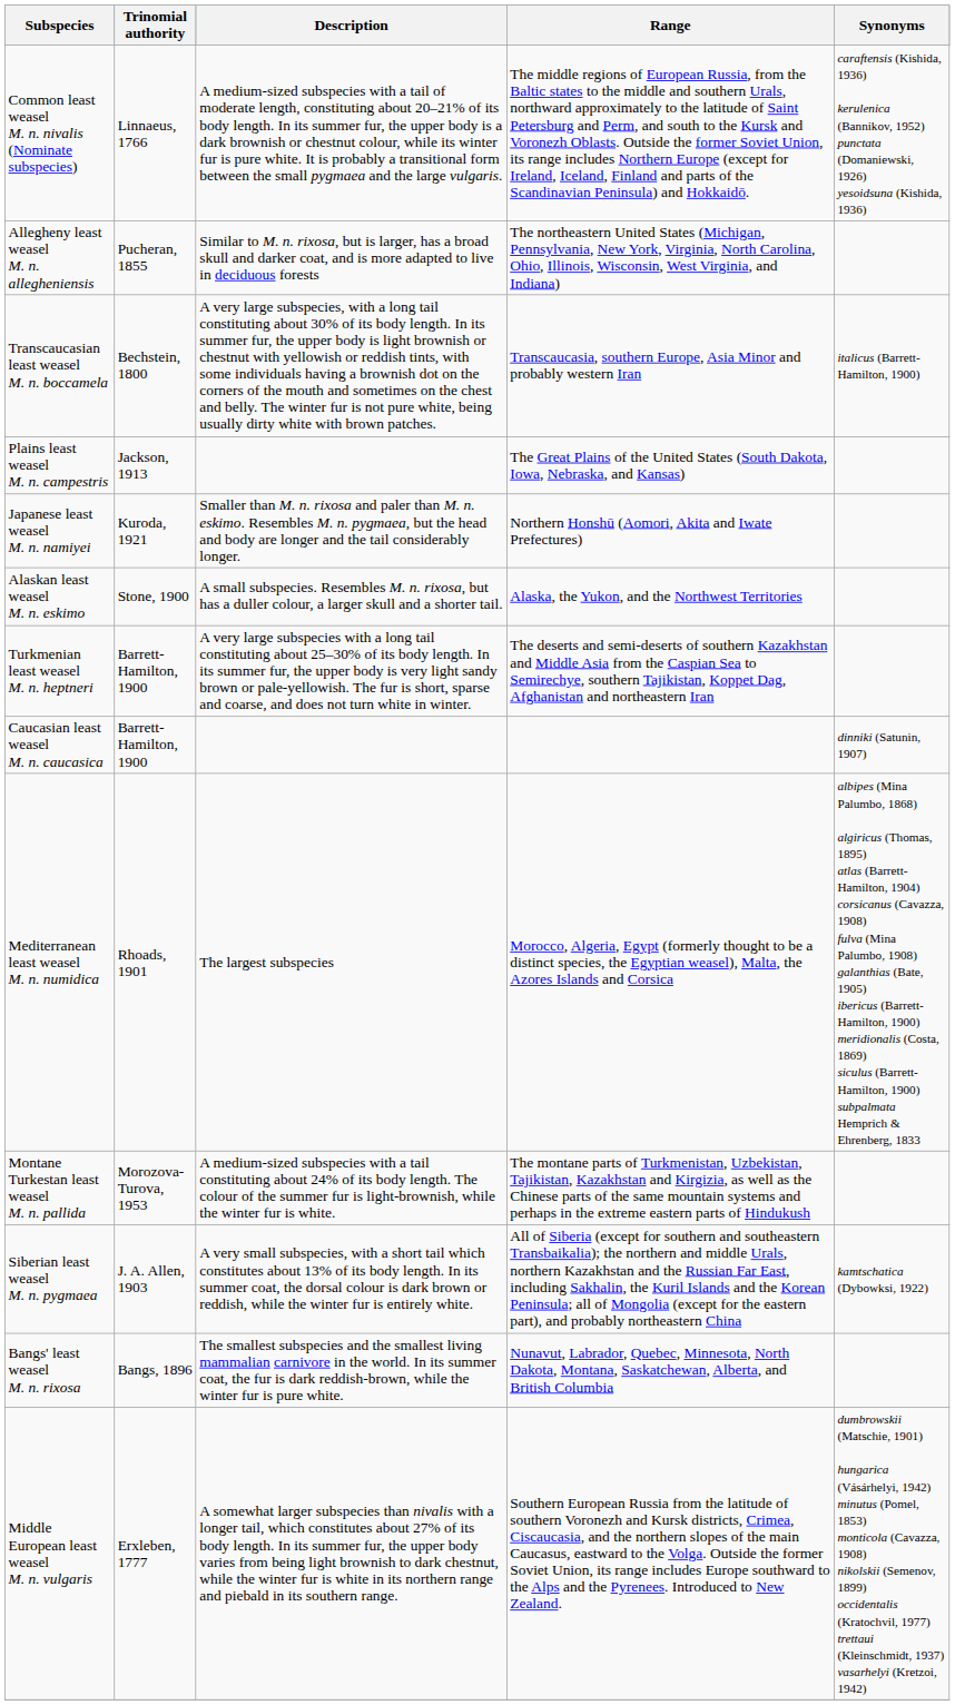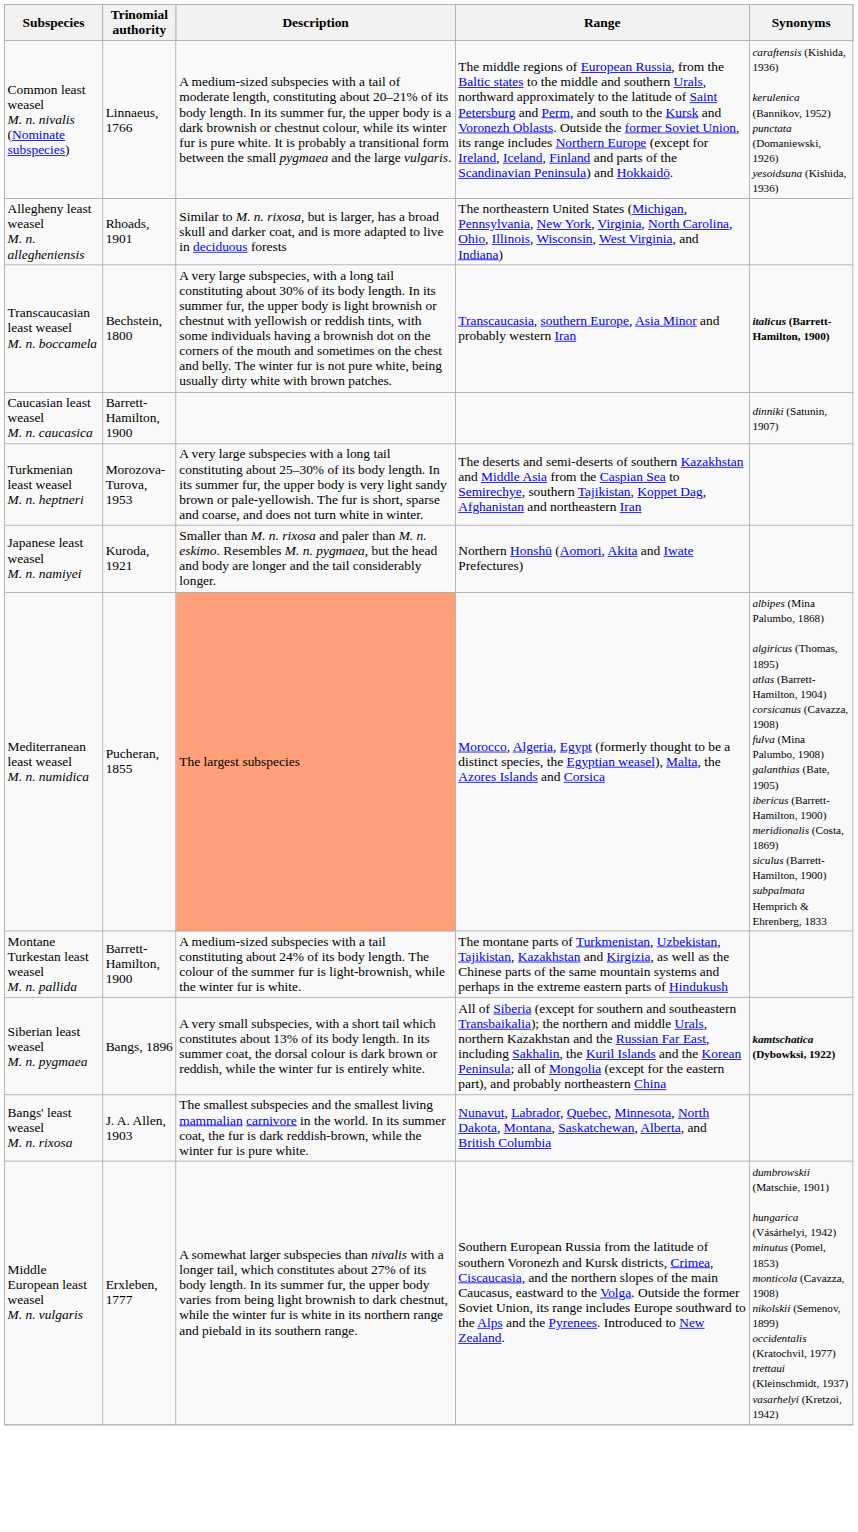 <table class="wikitable" width=80% font=90%>
 <tr bgcolor="#115a6c">
 <th>Subspecies</th>
 <th>Trinomial authority</th>
 <th>Description</th>
 <th>Range</th>
 <th>Synonyms</th>
 </tr>
 <tr --->
 <td>Common least weasel<br><em>M. n. nivalis</em><br>(<a href='#'>Nominate subspecies</a>) </td>
 <td>Linnaeus, 1766</td>
 <td>A medium-sized subspecies with a tail of moderate length, constituting about 20–21% of its body length. In its summer fur, the upper body is a dark brownish or chestnut colour, while its winter fur is pure white. It is probably a transitional form between the small <em>pygmaea</em> and the large <em>vulgaris</em>.</td>
 <td>The middle regions of <a href='#'>European Russia</a>, from the <a href='#'>Baltic states</a> to the middle and southern <a href='#'>Urals</a>, northward approximately to the latitude of <a href='#'>Saint Petersburg</a> and <a href='#'>Perm</a>, and south to the <a href='#'>Kursk</a> and <a href='#'>Voronezh Oblasts</a>. Outside the <a href='#'>former Soviet Union</a>, its range includes <a href='#'>Northern Europe</a> (except for <a href='#'>Ireland</a>, <a href='#'>Iceland</a>, <a href='#'>Finland</a> and parts of the <a href='#'>Scandinavian Peninsula</a>) and <a href='#'>Hokkaidō</a>.</td>
 <td><small><em>caraftensis</em> (Kishida, 1936)</small><br><br><small><em>kerulenica</em> (Bannikov, 1952)</small><br> <small><em>punctata</em> (Domaniewski, 1926)</small><br> <small><em>yesoidsuna</em> (Kishida, 1936)</small></td>
 </tr>
 <tr --->
 <td>Allegheny least weasel<br><em>M. n. allegheniensis</em></td>
-<td>Pucheran, 1855</td>
+<td>Rhoads, 1901</td>
 <td>Similar to <em>M. n. rixosa</em>, but is larger, has a broad skull and darker coat, and is more adapted to live in <a href='#'>deciduous</a> forests</td>
 <td>The northeastern United States (<a href='#'>Michigan</a>, <a href='#'>Pennsylvania</a>, <a href='#'>New York</a>, <a href='#'>Virginia</a>, <a href='#'>North Carolina</a>, <a href='#'>Ohio</a>, <a href='#'>Illinois</a>, <a href='#'>Wisconsin</a>, <a href='#'>West Virginia</a>, and <a href='#'>Indiana</a>)</td>
 <td></td>
 </tr>
 <tr --->
 <td>Transcaucasian least weasel<br><em>M. n. boccamela</em><br></td>
 <td>Bechstein, 1800</td>
 <td>A very large subspecies, with a long tail constituting about 30% of its body length. In its summer fur, the upper body is light brownish or chestnut with yellowish or reddish tints, with some individuals having a brownish dot on the corners of the mouth and sometimes on the chest and belly. The winter fur is not pure white, being usually dirty white with brown patches.</td>
 <td><a href='#'>Transcaucasia</a>, <a href='#'>southern Europe</a>, <a href='#'>Asia Minor</a> and probably western <a href='#'>Iran</a></td>
-<td><small><em>italicus</em> (Barrett-Hamilton, 1900)</small></td>
+<td><strong><small><em>italicus</em> (Barrett-Hamilton, 1900)</small></strong></td>
 </tr>
 <tr --->
-<td>Plains least weasel<br><em>M. n. campestris</em></td>
-<td>Jackson, 1913</td>
+<td>Caucasian least weasel<br><em>M. n. caucasica</em></td>
+<td>Barrett-Hamilton, 1900</td>
 <td></td>
-<td>The <a href='#'>Great Plains</a> of the United States (<a href='#'>South Dakota</a>, <a href='#'>Iowa</a>, <a href='#'>Nebraska</a>, and <a href='#'>Kansas</a>)</td>
+<td></td>
+<td><small><em>dinniki</em> (Satunin, 1907)</small></td>
+</tr>
+<tr --->
+<td>Turkmenian least weasel<br><em>M. n. heptneri</em></td>
+<td>Morozova-Turova, 1953</td>
+<td>A very large subspecies with a long tail constituting about 25–30% of its body length. In its summer fur, the upper body is very light sandy brown or pale-yellowish. The fur is short, sparse and coarse, and does not turn white in winter.</td>
+<td>The deserts and semi-deserts of southern <a href='#'>Kazakhstan</a> and <a href='#'>Middle Asia</a> from the <a href='#'>Caspian Sea</a> to <a href='#'>Semirechye</a>, southern <a href='#'>Tajikistan</a>, <a href='#'>Koppet Dag</a>, <a href='#'>Afghanistan</a> and northeastern <a href='#'>Iran</a></td>
 <td></td>
 </tr>
 <tr --->
 <td>Japanese least weasel<br><em>M. n. namiyei</em></td>
 <td>Kuroda, 1921</td>
 <td>Smaller than <em>M. n. rixosa</em> and paler than <em>M. n. eskimo</em>. Resembles <em>M. n. pygmaea</em>, but the head and body are longer and the tail considerably longer.</td>
 <td>Northern <a href='#'>Honshū</a> (<a href='#'>Aomori</a>, <a href='#'>Akita</a> and <a href='#'>Iwate</a> Prefectures)</td>
 <td></td>
 </tr>
 <tr --->
-<td>Alaskan least weasel<br><em>M. n. eskimo</em></td>
-<td>Stone, 1900</td>
-<td>A small subspecies. Resembles <em>M. n. rixosa</em>, but has a duller colour, a larger skull and a shorter tail.</td>
-<td><a href='#'>Alaska</a>, the <a href='#'>Yukon</a>, and the <a href='#'>Northwest Territories</a></td>
-<td></td>
-</tr>
-<tr --->
-<td>Turkmenian least weasel<br><em>M. n. heptneri</em></td>
-<td>Barrett-Hamilton, 1900</td>
-<td>A very large subspecies with a long tail constituting about 25–30% of its body length. In its summer fur, the upper body is very light sandy brown or pale-yellowish. The fur is short, sparse and coarse, and does not turn white in winter.</td>
-<td>The deserts and semi-deserts of southern <a href='#'>Kazakhstan</a> and <a href='#'>Middle Asia</a> from the <a href='#'>Caspian Sea</a> to <a href='#'>Semirechye</a>, southern <a href='#'>Tajikistan</a>, <a href='#'>Koppet Dag</a>, <a href='#'>Afghanistan</a> and northeastern <a href='#'>Iran</a></td>
-<td></td>
-</tr>
-<tr --->
-<td>Caucasian least weasel<br><em>M. n. caucasica</em></td>
-<td>Barrett-Hamilton, 1900</td>
-<td></td>
-<td></td>
-<td><small><em>dinniki</em> (Satunin, 1907)</small></td>
-</tr>
-<tr --->
 <td>Mediterranean least weasel<br><em>M. n. numidica</em><br></td>
-<td>Rhoads, 1901</td>
-<td>The largest subspecies</td>
+<td>Pucheran, 1855</td>
+<td style="background: lightsalmon;">The largest subspecies</td>
 <td><a href='#'>Morocco</a>, <a href='#'>Algeria</a>, <a href='#'>Egypt</a> (formerly thought to be a distinct species, the <a href='#'>Egyptian weasel</a>), <a href='#'>Malta</a>, the <a href='#'>Azores Islands</a> and <a href='#'>Corsica</a></td>
 <td><small><em>albipes</em> (Mina Palumbo, 1868)</small><br><br><small><em>algiricus</em> (Thomas, 1895)</small><br> <small><em>atlas</em> (Barrett-Hamilton, 1904)</small><br> <small><em>corsicanus</em> (Cavazza, 1908)</small><br> <small><em>fulva</em> (Mina Palumbo, 1908)</small><br> <small><em>galanthias</em> (Bate, 1905)</small><br> <small><em>ibericus</em> (Barrett-Hamilton, 1900)</small><br> <small><em>meridionalis</em> (Costa, 1869)</small><br> <small><em>siculus</em> (Barrett-Hamilton, 1900)</small> <small><em>subpalmata</em> Hemprich & Ehrenberg, 1833</small></td>
 </tr>
 <tr --->
 <td>Montane Turkestan least weasel<br><em>M. n. pallida</em></td>
-<td>Morozova-Turova, 1953</td>
+<td>Barrett-Hamilton, 1900</td>
 <td>A medium-sized subspecies with a tail constituting about 24% of its body length. The colour of the summer fur is light-brownish, while the winter fur is white.</td>
 <td>The montane parts of <a href='#'>Turkmenistan</a>, <a href='#'>Uzbekistan</a>, <a href='#'>Tajikistan</a>, <a href='#'>Kazakhstan</a> and <a href='#'>Kirgizia</a>, as well as the Chinese parts of the same mountain systems and perhaps in the extreme eastern parts of <a href='#'>Hindukush</a></td>
 <td></td>
 </tr>
 <tr --->
 <td>Siberian least weasel<br><em>M. n. pygmaea</em></td>
-<td>J. A. Allen, 1903</td>
+<td>Bangs, 1896</td>
 <td>A very small subspecies, with a short tail which constitutes about 13% of its body length. In its summer coat, the dorsal colour is dark brown or reddish, while the winter fur is entirely white.</td>
 <td>All of <a href='#'>Siberia</a> (except for southern and southeastern <a href='#'>Transbaikalia</a>); the northern and middle <a href='#'>Urals</a>, northern Kazakhstan and the <a href='#'>Russian Far East</a>, including <a href='#'>Sakhalin</a>, the <a href='#'>Kuril Islands</a> and the <a href='#'>Korean Peninsula</a>; all of <a href='#'>Mongolia</a> (except for the eastern part), and probably northeastern <a href='#'>China</a></td>
-<td><small><em>kamtschatica</em> (Dybowksi, 1922)</small></td>
+<td><strong><small><em>kamtschatica</em> (Dybowksi, 1922)</small></strong></td>
 </tr>
 <tr --->
 <td>Bangs' least weasel<br><em>M. n. rixosa</em><br></td>
-<td>Bangs, 1896</td>
+<td>J. A. Allen, 1903</td>
 <td>The smallest subspecies and the smallest living <a href='#'>mammalian</a> <a href='#'>carnivore</a> in the world. In its summer coat, the fur is dark reddish-brown, while the winter fur is pure white.</td>
 <td><a href='#'>Nunavut</a>, <a href='#'>Labrador</a>, <a href='#'>Quebec</a>, <a href='#'>Minnesota</a>, <a href='#'>North Dakota</a>, <a href='#'>Montana</a>, <a href='#'>Saskatchewan</a>, <a href='#'>Alberta</a>, and <a href='#'>British Columbia</a></td>
 <td></td>
 </tr>
 <tr --->
 <td>Middle European least weasel<br><em>M. n. vulgaris</em></td>
 <td>Erxleben, 1777</td>
 <td>A somewhat larger subspecies than <em>nivalis</em> with a longer tail, which constitutes about 27% of its body length. In its summer fur, the upper body varies from being light brownish to dark chestnut, while the winter fur is white in its northern range and piebald in its southern range.</td>
 <td>Southern European Russia from the latitude of southern Voronezh and Kursk districts, <a href='#'>Crimea</a>, <a href='#'>Ciscaucasia</a>, and the northern slopes of the main Caucasus, eastward to the <a href='#'>Volga</a>. Outside the former Soviet Union, its range includes Europe southward to the <a href='#'>Alps</a> and the <a href='#'>Pyrenees</a>. Introduced to <a href='#'>New Zealand</a>.</td>
 <td><small><em>dumbrowskii</em> (Matschie, 1901)</small><br><br><small><em>hungarica</em> (Vásárhelyi, 1942)</small><br> <small><em>minutus</em> (Pomel, 1853)</small><br> <small><em>monticola</em> (Cavazza, 1908)</small><br> <small><em>nikolskii</em> (Semenov, 1899)</small><br> <small><em>occidentalis</em> (Kratochvil, 1977)</small><br> <small><em>trettaui</em> (Kleinschmidt, 1937)</small><br> <small><em>vasarhelyi</em> (Kretzoi, 1942)</small></td>
 </tr>
 <tr --->
 </tr>
 </table>
